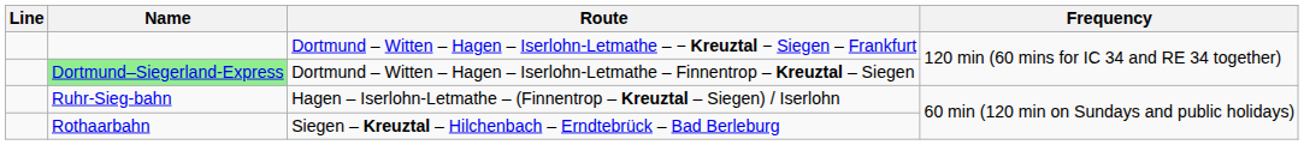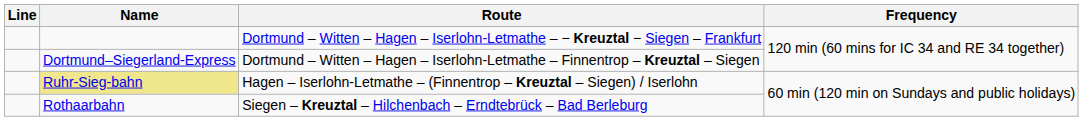 <table class="wikitable">
 <tr class="hintergrundfarbe5">
 <th>Line</th>
 <th>Name</th>
 <th>Route</th>
 <th>Frequency</th>
 </tr>
 <tr>
 <td></td>
 <td></td>
 <td><a href='#'>Dortmund</a> – <a href='#'>Witten</a> – <a href='#'>Hagen</a> – <a href='#'>Iserlohn-Letmathe</a> –  − <strong>Kreuztal</strong>  − <a href='#'>Siegen</a> – <a href='#'>Frankfurt</a></td>
 <td rowspan="2">120 min (60 mins for IC 34 and RE 34 together)</td>
 </tr>
 <tr>
 <td></td>
-<td style="background: lightgreen;"><a href='#'>Dortmund–Siegerland-Express</a></td>
+<td><a href='#'>Dortmund–Siegerland-Express</a></td>
 <td>Dortmund – Witten – Hagen – Iserlohn-Letmathe – Finnentrop – <strong>Kreuztal</strong> – Siegen</td>
 </tr>
 <tr>
 <td></td>
-<td><a href='#'>Ruhr-Sieg-bahn</a></td>
+<td style="background: khaki;"><a href='#'>Ruhr-Sieg-bahn</a></td>
 <td>Hagen – Iserlohn-Letmathe – (Finnentrop – <strong>Kreuztal</strong> – Siegen) / Iserlohn</td>
 <td rowspan="2">60 min (120 min on Sundays and public holidays)</td>
 </tr>
 <tr>
 <td></td>
 <td><a href='#'>Rothaarbahn</a></td>
 <td>Siegen – <strong>Kreuztal</strong> – <a href='#'>Hilchenbach</a> – <a href='#'>Erndtebrück</a> – <a href='#'>Bad Berleburg</a></td>
 </tr>
 </table>
